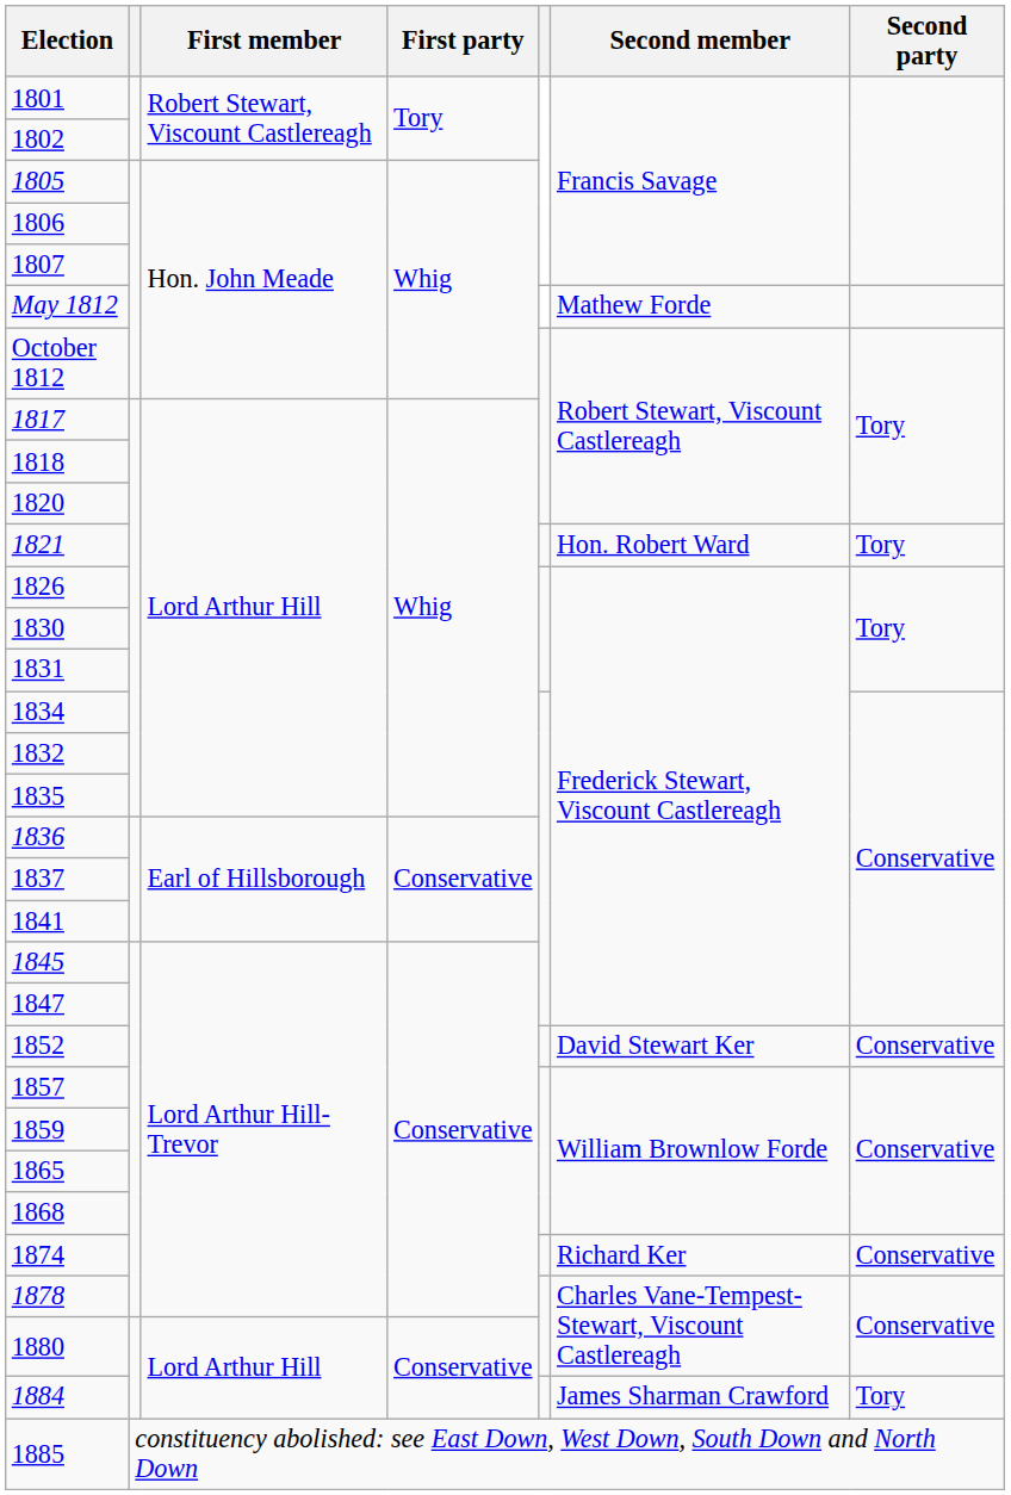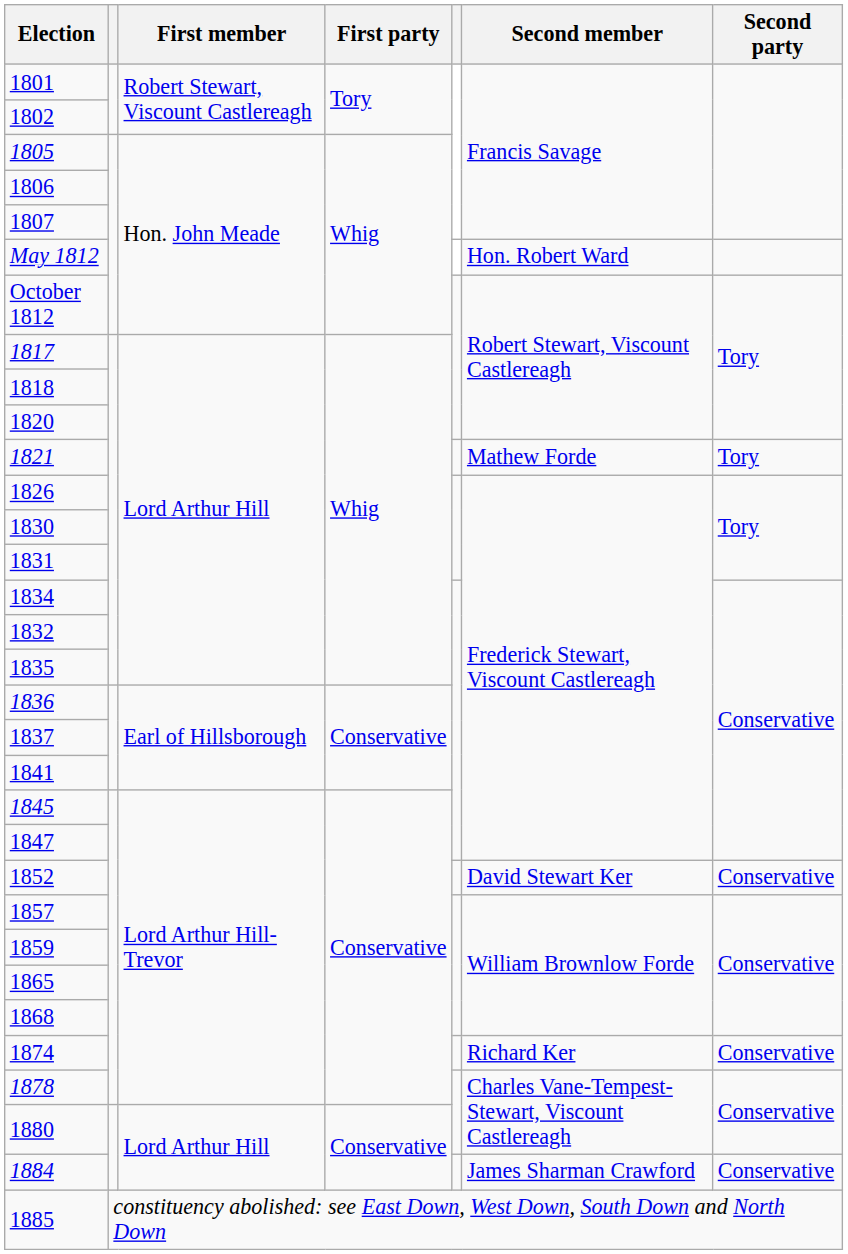 <table class="wikitable">
 <tr>
 <th>Election</th>
 <th></th>
 <th>First member</th>
 <th>First party</th>
 <th></th>
 <th>Second member</th>
 <th>Second party</th>
 </tr>
 <tr>
 <td><a href='#'>1801</a></td>
 <td rowspan="2" style="color:inherit;background-color: "></td>
 <td rowspan="2"><a href='#'>Robert Stewart, Viscount Castlereagh</a></td>
 <td rowspan="2"><a href='#'>Tory</a></td>
 <td rowspan="5" style="color:inherit;background-color: white"></td>
 <td rowspan="5"><a href='#'>Francis Savage</a></td>
 <td rowspan="5"></td>
 </tr>
 <tr>
 <td><a href='#'>1802</a></td>
 </tr>
 <tr>
 <td><em><a href='#'>1805</a></em></td>
 <td rowspan="5" style="color:inherit;background-color: "></td>
 <td rowspan="5">Hon. <a href='#'>John Meade</a></td>
 <td rowspan="5"><a href='#'>Whig</a></td>
 </tr>
 <tr>
 <td><a href='#'>1806</a></td>
 </tr>
 <tr>
 <td><a href='#'>1807</a></td>
 </tr>
 <tr>
 <td><em><a href='#'>May 1812</a></em></td>
 <td style="color:inherit;background-color: white"></td>
-<td><a href='#'>Mathew Forde</a></td>
+<td><a href='#'>Hon. Robert Ward</a></td>
 <td></td>
 </tr>
 <tr>
 <td><a href='#'>October 1812</a></td>
 <td rowspan="4" style="color:inherit;background-color: "></td>
 <td rowspan="4"><a href='#'>Robert Stewart, Viscount Castlereagh</a></td>
 <td rowspan="4"><a href='#'>Tory</a></td>
 </tr>
 <tr>
 <td><em><a href='#'>1817</a></em></td>
 <td rowspan="10" style="color:inherit;background-color: "></td>
 <td rowspan="10"><a href='#'>Lord Arthur Hill</a></td>
 <td rowspan="10"><a href='#'>Whig</a></td>
 </tr>
 <tr>
 <td><a href='#'>1818</a></td>
 </tr>
 <tr>
 <td><a href='#'>1820</a></td>
 </tr>
 <tr>
 <td><em><a href='#'>1821</a></em></td>
 <td style="color:inherit;background-color: "></td>
-<td><a href='#'>Hon. Robert Ward</a></td>
+<td><a href='#'>Mathew Forde</a></td>
 <td><a href='#'>Tory</a></td>
 </tr>
 <tr>
 <td><a href='#'>1826</a></td>
 <td rowspan="3" style="color:inherit;background-color: "></td>
 <td rowspan="11"><a href='#'>Frederick Stewart, Viscount Castlereagh</a></td>
 <td rowspan="3"><a href='#'>Tory</a></td>
 </tr>
 <tr>
 <td><a href='#'>1830</a></td>
 </tr>
 <tr>
 <td><a href='#'>1831</a></td>
 </tr>
 <tr>
 <td><a href='#'>1834</a></td>
 <td rowspan="8" style="color:inherit;background-color: "></td>
 <td rowspan="8"><a href='#'>Conservative</a></td>
 </tr>
 <tr>
 <td><a href='#'>1832</a></td>
 </tr>
 <tr>
 <td><a href='#'>1835</a></td>
 </tr>
 <tr>
 <td><em><a href='#'>1836</a></em></td>
 <td rowspan="3" style="color:inherit;background-color: "></td>
 <td rowspan="3"><a href='#'>Earl of Hillsborough</a></td>
 <td rowspan="3"><a href='#'>Conservative</a></td>
 </tr>
 <tr>
 <td><a href='#'>1837</a></td>
 </tr>
 <tr>
 <td><a href='#'>1841</a></td>
 </tr>
 <tr>
 <td><em><a href='#'>1845</a></em></td>
 <td rowspan="9" style="color:inherit;background-color: "></td>
 <td rowspan="9"><a href='#'>Lord Arthur Hill-Trevor</a></td>
 <td rowspan="9"><a href='#'>Conservative</a></td>
 </tr>
 <tr>
 <td><a href='#'>1847</a></td>
 </tr>
 <tr>
 <td><a href='#'>1852</a></td>
 <td style="color:inherit;background-color: "></td>
 <td><a href='#'>David Stewart Ker</a></td>
 <td><a href='#'>Conservative</a></td>
 </tr>
 <tr>
 <td><a href='#'>1857</a></td>
 <td rowspan="4" style="color:inherit;background-color: "></td>
 <td rowspan="4"><a href='#'>William Brownlow Forde</a></td>
 <td rowspan="4"><a href='#'>Conservative</a></td>
 </tr>
 <tr>
 <td><a href='#'>1859</a></td>
 </tr>
 <tr>
 <td><a href='#'>1865</a></td>
 </tr>
 <tr>
 <td><a href='#'>1868</a></td>
 </tr>
 <tr>
 <td><a href='#'>1874</a></td>
 <td style="color:inherit;background-color: "></td>
 <td><a href='#'>Richard Ker</a></td>
 <td><a href='#'>Conservative</a></td>
 </tr>
 <tr>
 <td><em><a href='#'>1878</a></em></td>
 <td rowspan="2" style="color:inherit;background-color: "></td>
 <td rowspan="2"><a href='#'>Charles Vane-Tempest-Stewart, Viscount Castlereagh</a></td>
 <td rowspan="2"><a href='#'>Conservative</a></td>
 </tr>
 <tr>
 <td><a href='#'>1880</a></td>
 <td rowspan="2" style="color:inherit;background-color: "></td>
 <td rowspan="2"><a href='#'>Lord Arthur Hill</a></td>
 <td rowspan="2"><a href='#'>Conservative</a></td>
 </tr>
 <tr>
 <td><em><a href='#'>1884</a></em></td>
 <td style="color:inherit;background-color: "></td>
 <td><a href='#'>James Sharman Crawford</a></td>
-<td><a href='#'>Tory</a></td>
+<td><a href='#'>Conservative</a></td>
 </tr>
 <tr>
 <td><a href='#'>1885</a></td>
 <td colspan="6"><em>constituency abolished: see <a href='#'>East Down</a>, <a href='#'>West Down</a>, <a href='#'>South Down</a> and <a href='#'>North Down</a></em></td>
 </tr>
 </table>
